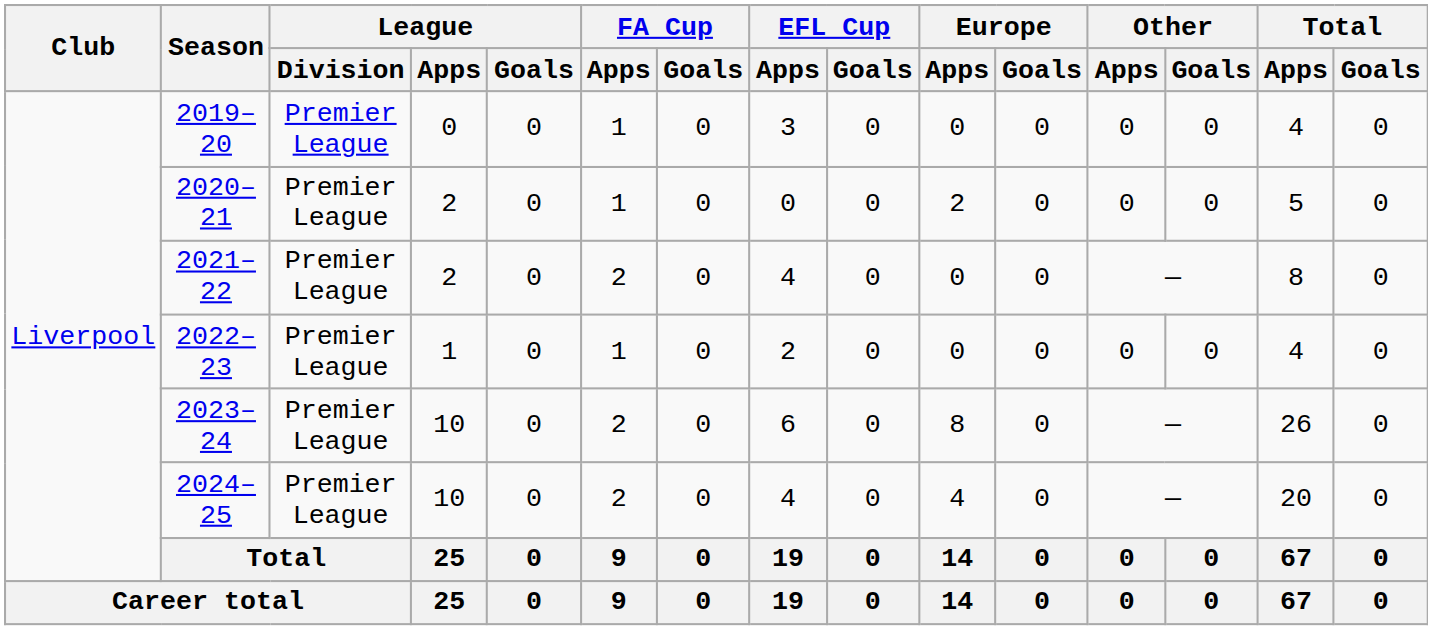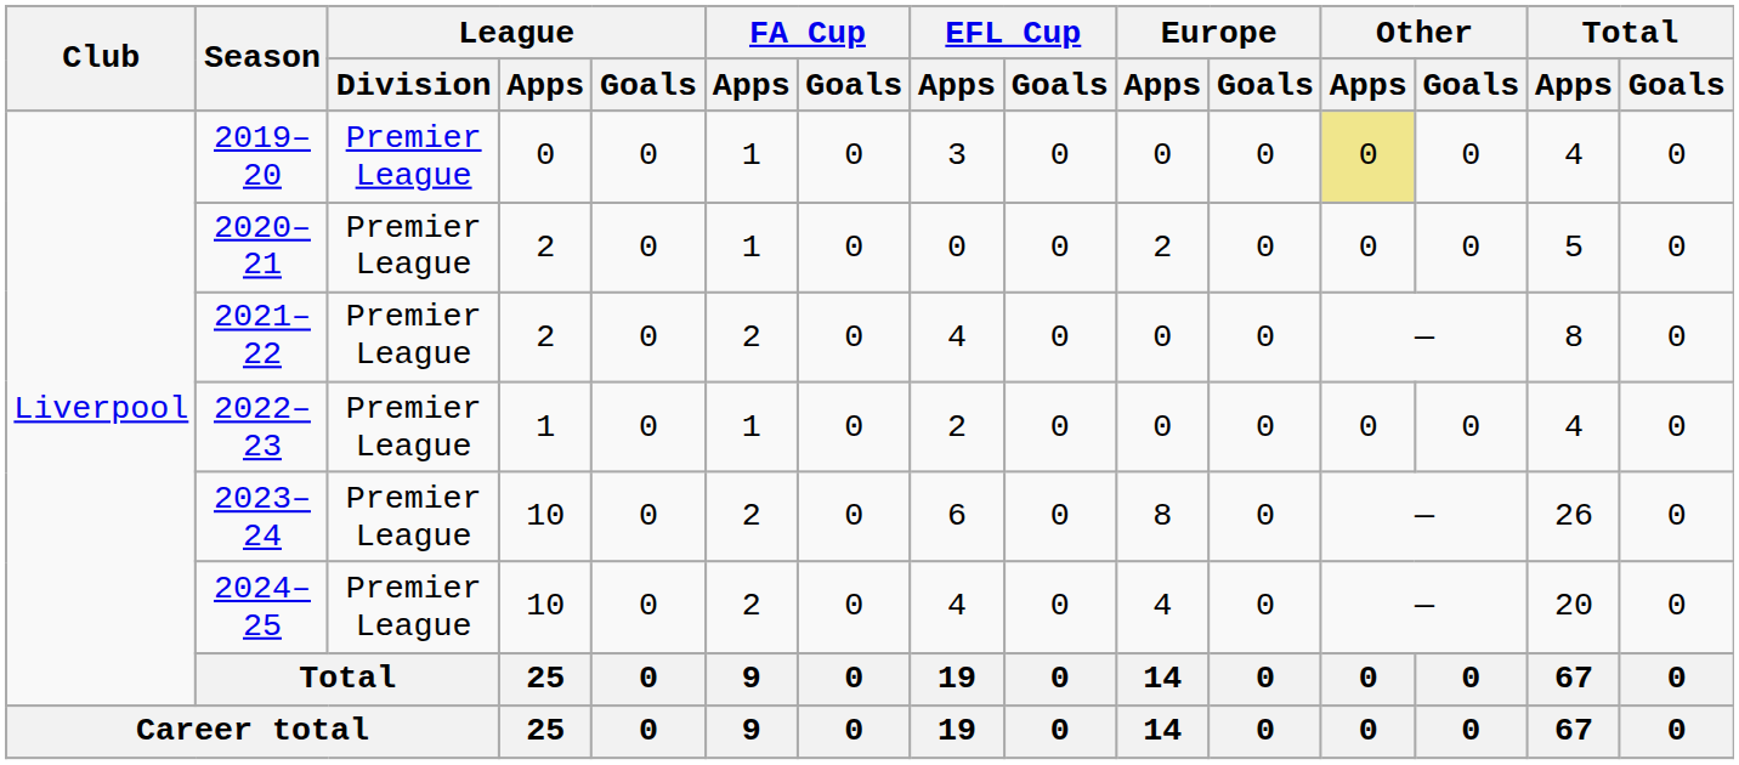 <table class="wikitable" style="text-align: center;">
 <tr>
 <th rowspan="2">Club</th>
 <th rowspan="2">Season</th>
 <th colspan="3">League</th>
 <th colspan="2"><a href='#'>FA Cup</a></th>
 <th colspan="2"><a href='#'>EFL Cup</a></th>
 <th colspan="2">Europe</th>
 <th colspan="2">Other</th>
 <th colspan="2">Total</th>
 </tr>
 <tr>
 <th>Division</th>
 <th>Apps</th>
 <th>Goals</th>
 <th>Apps</th>
 <th>Goals</th>
 <th>Apps</th>
 <th>Goals</th>
 <th>Apps</th>
 <th>Goals</th>
 <th>Apps</th>
 <th>Goals</th>
 <th>Apps</th>
 <th>Goals</th>
 </tr>
 <tr>
 <td rowspan="7"><a href='#'>Liverpool</a></td>
 <td><a href='#'>2019–20</a></td>
 <td><a href='#'>Premier League</a></td>
 <td>0</td>
 <td>0</td>
 <td>1</td>
 <td>0</td>
 <td>3</td>
 <td>0</td>
 <td>0</td>
 <td>0</td>
-<td>0</td>
+<td style="background: khaki;">0</td>
 <td>0</td>
 <td>4</td>
 <td>0</td>
 </tr>
 <tr>
 <td><a href='#'>2020–21</a></td>
 <td>Premier League</td>
 <td>2</td>
 <td>0</td>
 <td>1</td>
 <td>0</td>
 <td>0</td>
 <td>0</td>
 <td>2</td>
 <td>0</td>
 <td>0</td>
 <td>0</td>
 <td>5</td>
 <td>0</td>
 </tr>
 <tr>
 <td><a href='#'>2021–22</a></td>
 <td>Premier League</td>
 <td>2</td>
 <td>0</td>
 <td>2</td>
 <td>0</td>
 <td>4</td>
 <td>0</td>
 <td>0</td>
 <td>0</td>
 <td colspan="2">—</td>
 <td>8</td>
 <td>0</td>
 </tr>
 <tr>
 <td><a href='#'>2022–23</a></td>
 <td>Premier League</td>
 <td>1</td>
 <td>0</td>
 <td>1</td>
 <td>0</td>
 <td>2</td>
 <td>0</td>
 <td>0</td>
 <td>0</td>
 <td>0</td>
 <td>0</td>
 <td>4</td>
 <td>0</td>
 </tr>
 <tr>
 <td><a href='#'>2023–24</a></td>
 <td>Premier League</td>
 <td>10</td>
 <td>0</td>
 <td>2</td>
 <td>0</td>
 <td>6</td>
 <td>0</td>
 <td>8</td>
 <td>0</td>
 <td colspan="2">—</td>
 <td>26</td>
 <td>0</td>
 </tr>
 <tr>
 <td><a href='#'>2024–25</a></td>
 <td>Premier League</td>
 <td>10</td>
 <td>0</td>
 <td>2</td>
 <td>0</td>
 <td>4</td>
 <td>0</td>
 <td>4</td>
 <td>0</td>
 <td colspan="2">—</td>
 <td>20</td>
 <td>0</td>
 </tr>
 <tr>
 <th colspan="2">Total</th>
 <th>25</th>
 <th>0</th>
 <th>9</th>
 <th>0</th>
 <th>19</th>
 <th>0</th>
 <th>14</th>
 <th>0</th>
 <th>0</th>
 <th>0</th>
 <th>67</th>
 <th>0</th>
 </tr>
 <tr>
 <th colspan="3">Career total</th>
 <th>25</th>
 <th>0</th>
 <th>9</th>
 <th>0</th>
 <th>19</th>
 <th>0</th>
 <th>14</th>
 <th>0</th>
 <th>0</th>
 <th>0</th>
 <th>67</th>
 <th>0</th>
 </tr>
 </table>
